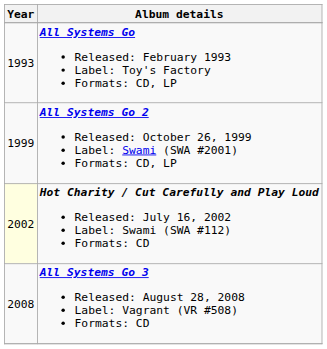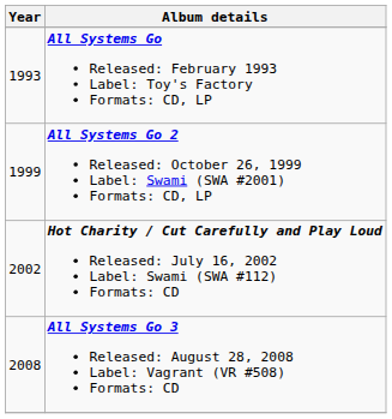 <table class ="wikitable">
 <tr>
 <th>Year</th>
 <th>Album details</th>
 </tr>
 <tr>
 </tr>
 <tr>
 <td>1993</td>
 <td><strong><em><a href='#'>All Systems Go</a></em></strong><br><ul><li>Released: February 1993</li><li>Label: Toy's Factory</li><li>Formats: CD, LP</li></ul></td>
 </tr>
 <tr>
 <td>1999</td>
 <td><strong><em><a href='#'>All Systems Go 2</a></em></strong><br><ul><li>Released: October 26, 1999</li><li>Label: <a href='#'>Swami</a> (SWA #2001)</li><li>Formats: CD, LP</li></ul></td>
 </tr>
 <tr>
-<td style="background: lightyellow;">2002</td>
+<td>2002</td>
 <td><strong><em>Hot Charity / Cut Carefully and Play Loud</em></strong><br><ul><li>Released: July 16, 2002</li><li>Label: Swami (SWA #112)</li><li>Formats: CD</li></ul></td>
 </tr>
 <tr>
 <td>2008</td>
 <td><strong><em><a href='#'>All Systems Go 3</a></em></strong><br><ul><li>Released: August 28, 2008</li><li>Label: Vagrant (VR #508)</li><li>Formats: CD</li></ul></td>
 </tr>
 <tr>
 </tr>
 </table>
